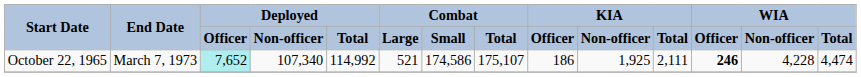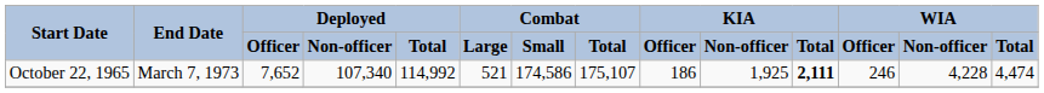 <table class="wikitable" align="center">
 <tr>
 <th rowspan="2" style="background:#B0C4DE">Start Date</th>
 <th rowspan="2" style="background:#B0C4DE">End Date</th>
 <th colspan="3" style="background:#B0C4DE">Deployed</th>
 <th colspan="3" style="background:#B0C4DE">Combat</th>
 <th colspan="3" style="background:#B0C4DE">KIA</th>
 <th colspan="3" style="background:#B0C4DE">WIA</th>
 </tr>
 <tr>
 <th style="background:#B0C4DE">Officer</th>
 <th style="background:#B0C4DE">Non-officer</th>
 <th style="background:#B0C4DE">Total</th>
 <th style="background:#B0C4DE">Large</th>
 <th style="background:#B0C4DE">Small</th>
 <th style="background:#B0C4DE">Total</th>
 <th style="background:#B0C4DE">Officer</th>
 <th style="background:#B0C4DE">Non-officer</th>
 <th style="background:#B0C4DE">Total</th>
 <th style="background:#B0C4DE">Officer</th>
 <th style="background:#B0C4DE">Non-officer</th>
 <th style="background:#B0C4DE">Total</th>
 </tr>
 <tr>
 <td>October 22, 1965</td>
 <td>March 7, 1973</td>
-<td align="right" style="background: paleturquoise;">7,652</td>
+<td align="right">7,652</td>
 <td align="right">107,340</td>
 <td align="right">114,992</td>
 <td align="right">521</td>
 <td align="right">174,586</td>
 <td align="right">175,107</td>
 <td align="right">186</td>
 <td align="right">1,925</td>
-<td align="right">2,111</td>
-<td align="right"><strong>246</strong></td>
+<td align="right"><strong>2,111</strong></td>
+<td align="right">246</td>
 <td align="right">4,228</td>
 <td align="right">4,474</td>
 </tr>
 <tr>
 </tr>
 </table>
